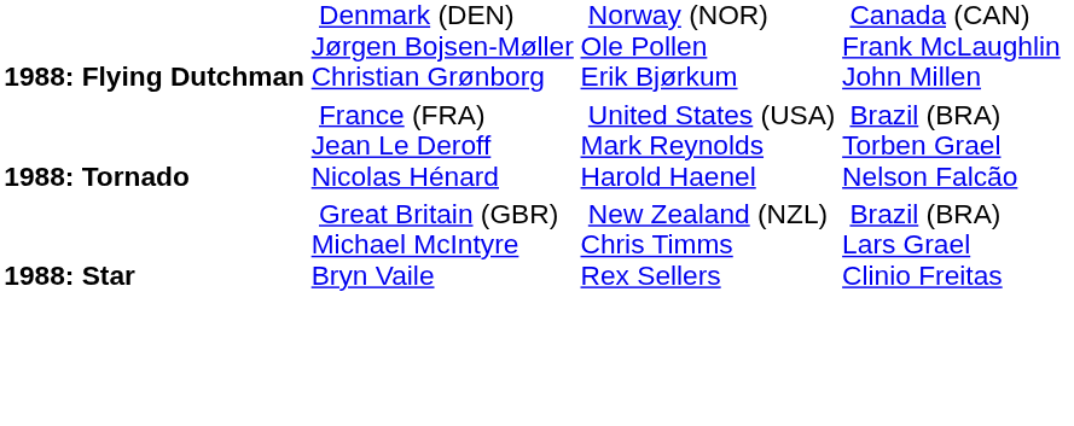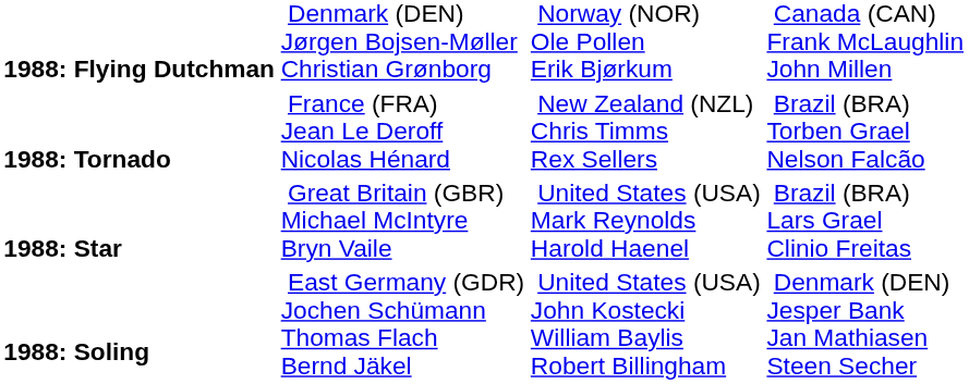 <table>
 <tr>
 <td style="align:center;"><br><br><strong>1988: Flying Dutchman</strong> <br></td>
 <td style="vertical-align:top;"> <a href='#'>Denmark</a> <span>(DEN)</span><br><a href='#'>Jørgen Bojsen-Møller</a><br><a href='#'>Christian Grønborg</a></td>
 <td style="vertical-align:top;"> <a href='#'>Norway</a> <span>(NOR)</span><br><a href='#'>Ole Pollen</a><br><a href='#'>Erik Bjørkum</a></td>
 <td style="vertical-align:top;"> <a href='#'>Canada</a> <span>(CAN)</span><br><a href='#'>Frank McLaughlin</a><br><a href='#'>John Millen</a></td>
 </tr>
 <tr>
 <td style="align:center;"><br><br><strong>1988: Tornado</strong> <br></td>
 <td style="vertical-align:top;"> <a href='#'>France</a> <span>(FRA)</span><br><a href='#'>Jean Le Deroff</a><br><a href='#'>Nicolas Hénard</a></td>
-<td style="vertical-align:top;"> <a href='#'>United States</a> <span>(USA)</span><br><a href='#'>Mark Reynolds</a><br><a href='#'>Harold Haenel</a></td>
+<td style="vertical-align:top;"> <a href='#'>New Zealand</a> <span>(NZL)</span><br><a href='#'>Chris Timms</a><br><a href='#'>Rex Sellers</a></td>
 <td style="vertical-align:top;"> <a href='#'>Brazil</a> <span>(BRA)</span><br><a href='#'>Torben Grael</a><br><a href='#'>Nelson Falcão</a></td>
 </tr>
 <tr>
 <td style="align:center;"><br><br><strong>1988: Star</strong> <br></td>
 <td style="vertical-align:top;"> <a href='#'>Great Britain</a> <span>(GBR)</span><br><a href='#'>Michael McIntyre</a><br><a href='#'>Bryn Vaile</a></td>
-<td style="vertical-align:top;"> <a href='#'>New Zealand</a> <span>(NZL)</span><br><a href='#'>Chris Timms</a><br><a href='#'>Rex Sellers</a></td>
+<td style="vertical-align:top;"> <a href='#'>United States</a> <span>(USA)</span><br><a href='#'>Mark Reynolds</a><br><a href='#'>Harold Haenel</a></td>
 <td style="vertical-align:top;"> <a href='#'>Brazil</a> <span>(BRA)</span><br><a href='#'>Lars Grael</a><br><a href='#'>Clinio Freitas</a></td>
 </tr>
+<tr>
+<td style="align:center;"><br><br><strong>1988: Soling</strong> <br></td>
+<td style="vertical-align:top;"> <a href='#'>East Germany</a> <span>(GDR)</span><br><a href='#'>Jochen Schümann</a><br><a href='#'>Thomas Flach</a><br><a href='#'>Bernd Jäkel</a></td>
+<td style="vertical-align:top;"> <a href='#'>United States</a> <span>(USA)</span><br><a href='#'>John Kostecki</a><br><a href='#'>William Baylis</a><br><a href='#'>Robert Billingham</a></td>
+<td style="vertical-align:top;"> <a href='#'>Denmark</a> <span>(DEN)</span><br><a href='#'>Jesper Bank</a><br><a href='#'>Jan Mathiasen</a><br><a href='#'>Steen Secher</a></td>
+</tr>
 </table>
